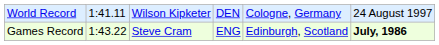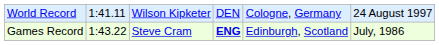 <table class="wikitable">
 <tr bgcolor = "ddeeff">
 <td><a href='#'>World Record</a></td>
 <td>1:41.11</td>
 <td><a href='#'>Wilson Kipketer</a></td>
 <td><a href='#'>DEN</a></td>
 <td><a href='#'>Cologne</a>, <a href='#'>Germany</a></td>
 <td>24 August 1997</td>
 </tr>
 <tr bgcolor = "eeffdd">
 <td>Games Record</td>
 <td>1:43.22</td>
 <td><a href='#'>Steve Cram</a></td>
-<td><a href='#'>ENG</a></td>
+<td><strong><a href='#'>ENG</a></strong></td>
 <td><a href='#'>Edinburgh</a>, <a href='#'>Scotland</a></td>
-<td><strong>July, 1986</strong></td>
+<td>July, 1986</td>
 </tr>
 </table>
